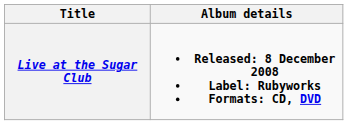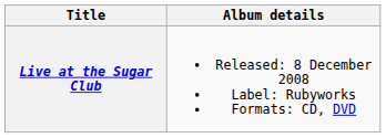 <table class="wikitable plainrowheaders" style="text-align:center;" border="1">
 <tr>
 <th scope="col" style="width:12em;">Title</th>
 <th scope="col" style="width:16em;">Album details</th>
 </tr>
 <tr>
 <th scope="row"><em><a href='#'>Live at the Sugar Club</a></em></th>
-<td><strong><br><ul><li>Released: 8 December 2008</li><li>Label: Rubyworks</li><li>Formats: CD, <a href='#'>DVD</a></li></ul></strong></td>
+<td><br><ul><li>Released: 8 December 2008</li><li>Label: Rubyworks</li><li>Formats: CD, <a href='#'>DVD</a></li></ul></td>
 </tr>
 </table>
